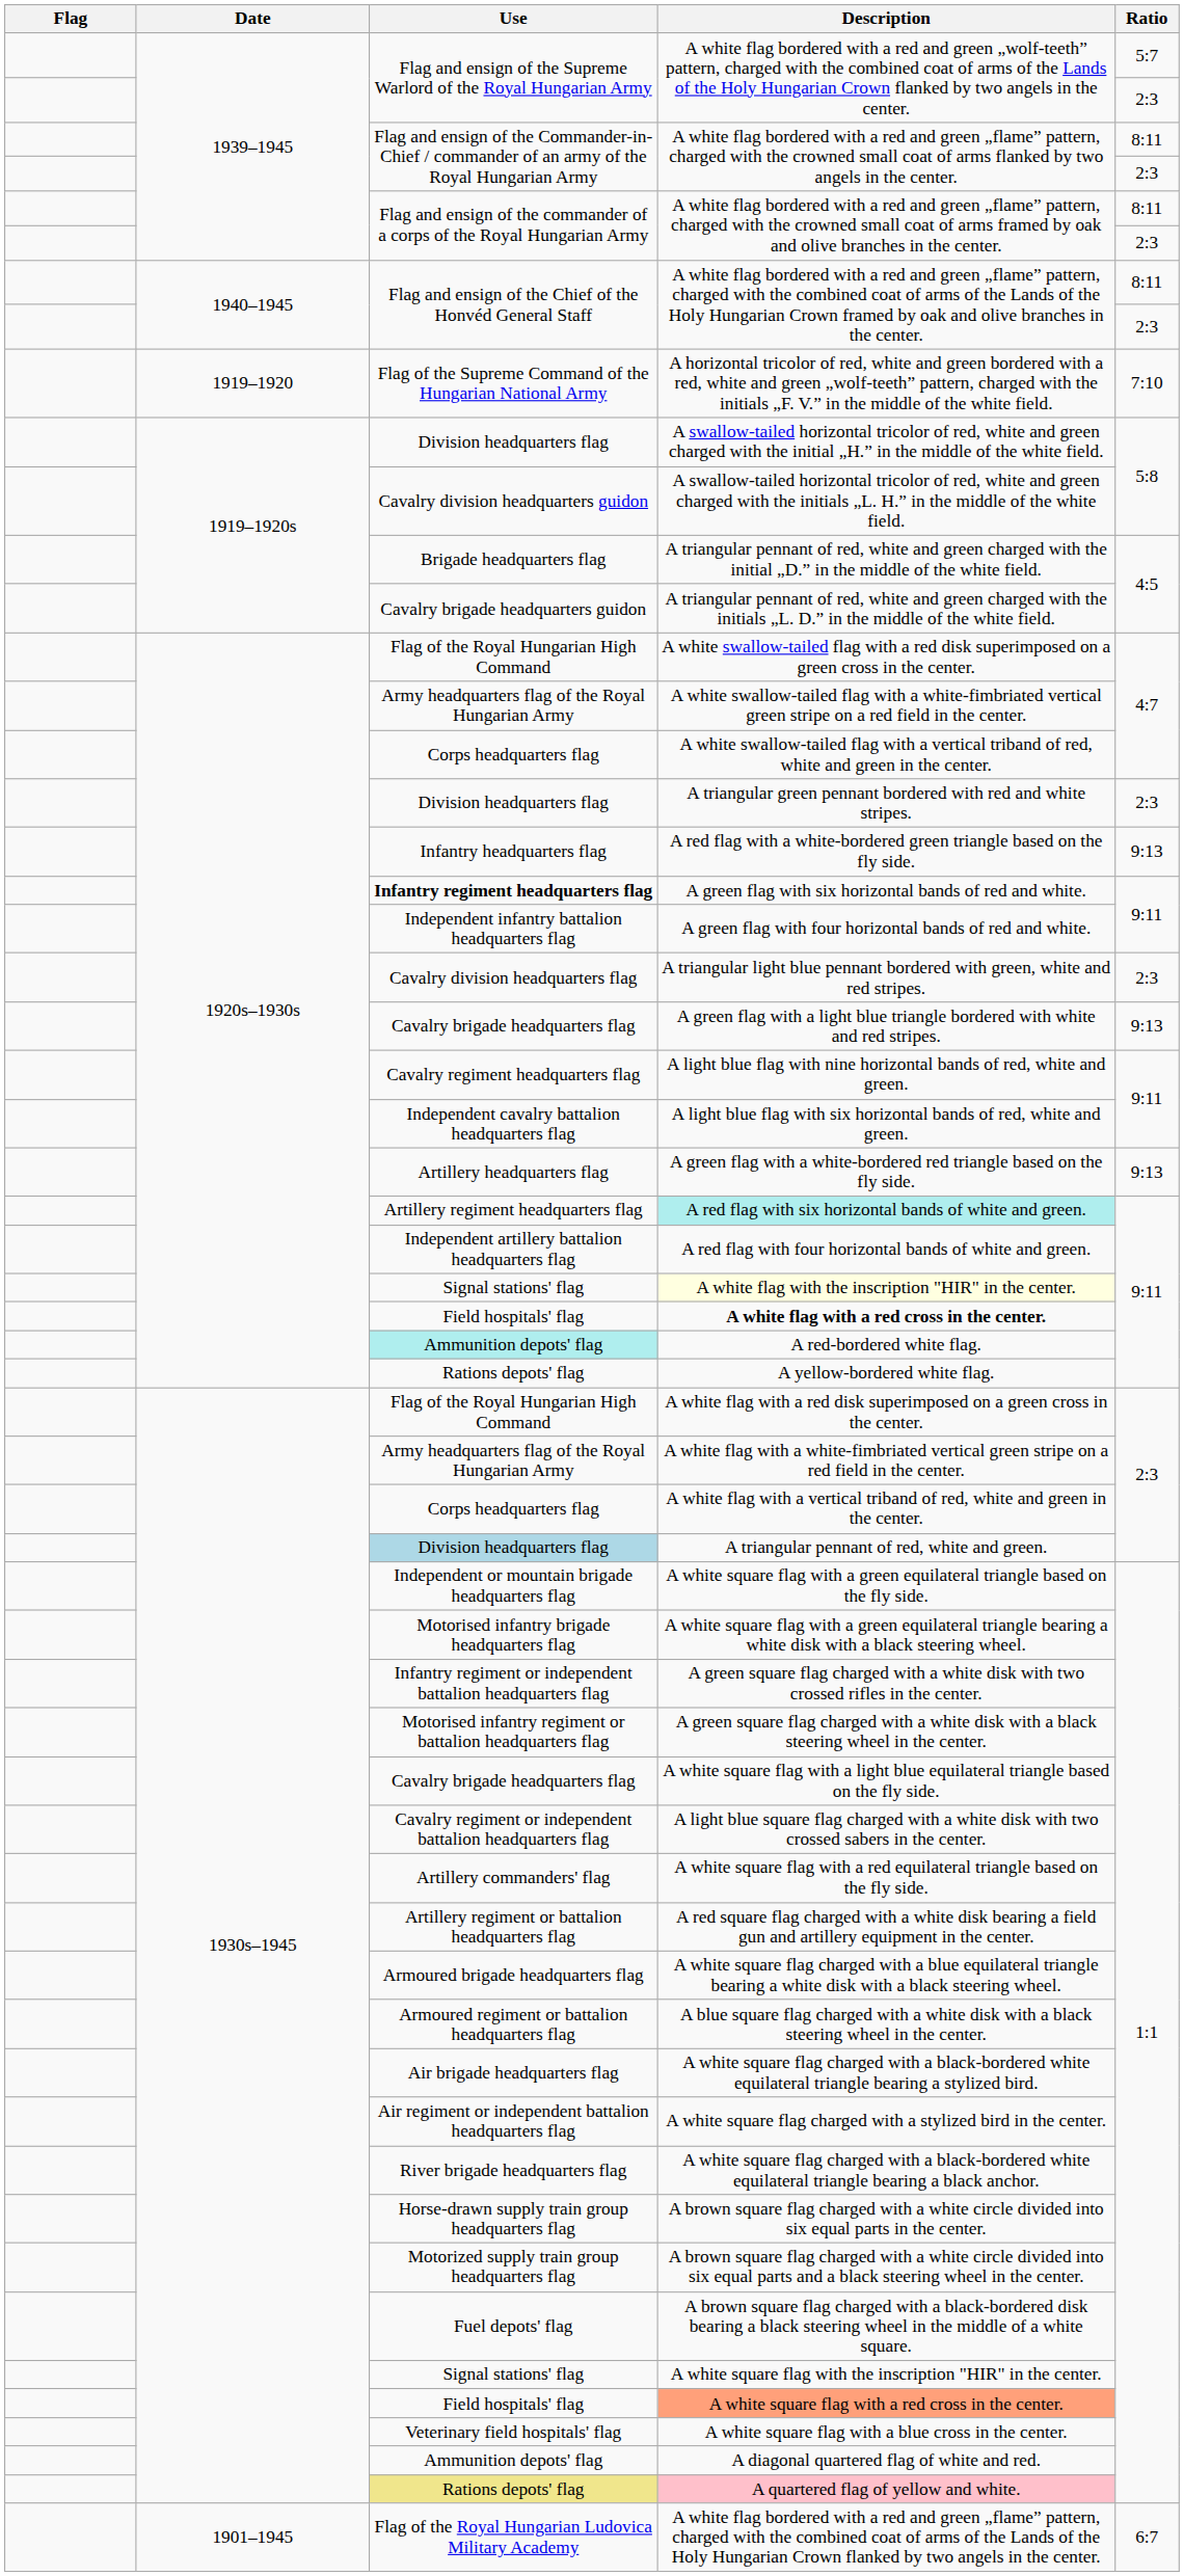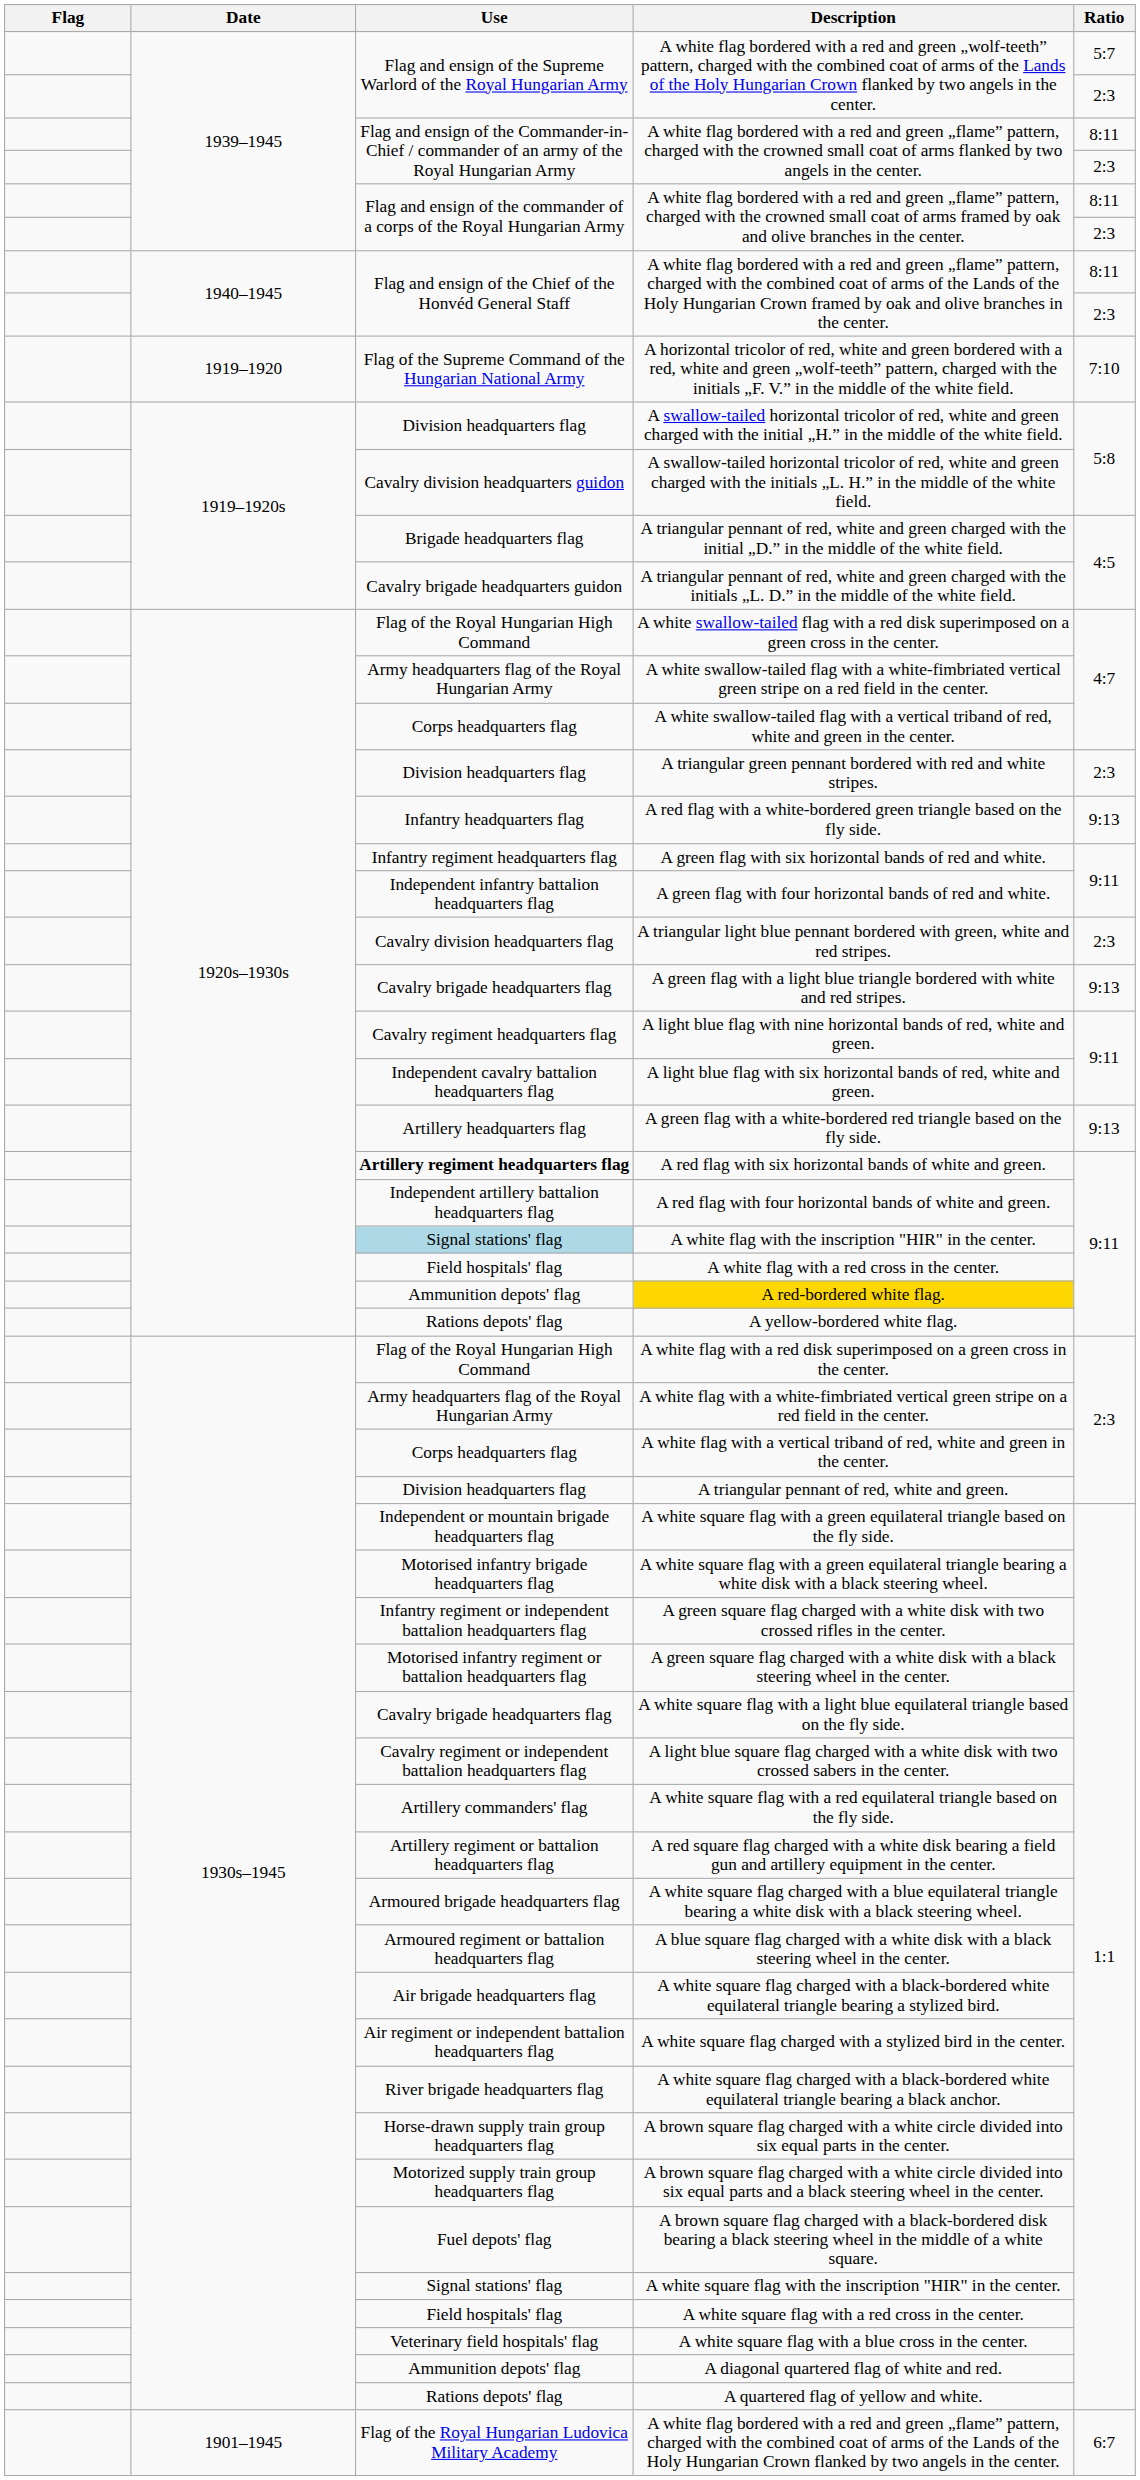 <table class="wikitable" style="text-align:center;">
 <tr>
 <th width="110">Flag</th>
 <th width="200">Date</th>
 <th width="250">Use</th>
 <th width="400">Description</th>
 <th width="50">Ratio</th>
 </tr>
 <tr>
 <td></td>
 <td rowspan="6">1939–1945</td>
 <td rowspan="2">Flag and ensign of the Supreme Warlord of the <a href='#'>Royal Hungarian Army</a></td>
 <td rowspan="2">A white flag bordered with a red and green „wolf-teeth” pattern, charged with the combined coat of arms of the <a href='#'>Lands of the Holy Hungarian Crown</a> flanked by two angels in the center.</td>
 <td>5:7</td>
 </tr>
 <tr>
 <td></td>
 <td>2:3</td>
 </tr>
 <tr>
 <td></td>
 <td rowspan="2">Flag and ensign of the Commander-in-Chief / commander of an army of the Royal Hungarian Army</td>
 <td rowspan="2">A white flag bordered with a red and green „flame” pattern, charged with the crowned small coat of arms flanked by two angels in the center.</td>
 <td>8:11</td>
 </tr>
 <tr>
 <td></td>
 <td>2:3</td>
 </tr>
 <tr>
 <td></td>
 <td rowspan="2">Flag and ensign of the commander of a corps of the Royal Hungarian Army</td>
 <td rowspan="2">A white flag bordered with a red and green „flame” pattern, charged with the crowned small coat of arms framed by oak and olive branches in the center.</td>
 <td>8:11</td>
 </tr>
 <tr>
 <td></td>
 <td>2:3</td>
 </tr>
 <tr>
 <td></td>
 <td rowspan="2">1940–1945</td>
 <td rowspan="2">Flag and ensign of the Chief of the Honvéd General Staff</td>
 <td rowspan="2">A white flag bordered with a red and green „flame” pattern, charged with the combined coat of arms of the Lands of the Holy Hungarian Crown framed by oak and olive branches in the center.</td>
 <td>8:11</td>
 </tr>
 <tr>
 <td></td>
 <td>2:3</td>
 </tr>
 <tr>
 <td></td>
 <td>1919–1920</td>
 <td>Flag of the Supreme Command of the <a href='#'>Hungarian National Army</a></td>
 <td>A horizontal tricolor of red, white and green bordered with a red, white and green „wolf-teeth” pattern, charged with the initials „F. V.” in the middle of the white field.</td>
 <td>7:10</td>
 </tr>
 <tr>
 <td></td>
 <td rowspan="4">1919–1920s</td>
 <td>Division headquarters flag</td>
 <td>A <a href='#'>swallow-tailed</a> horizontal tricolor of red, white and green charged with the initial „H.” in the middle of the white field.</td>
 <td rowspan="2">5:8</td>
 </tr>
 <tr>
 <td></td>
 <td>Cavalry division headquarters <a href='#'>guidon</a></td>
 <td>A swallow-tailed horizontal tricolor of red, white and green charged with the initials „L. H.” in the middle of the white field.</td>
 </tr>
 <tr>
 <td></td>
 <td>Brigade headquarters flag</td>
 <td>A triangular pennant of red, white and green charged with the initial „D.” in the middle of the white field.</td>
 <td rowspan="2">4:5</td>
 </tr>
 <tr>
 <td></td>
 <td>Cavalry brigade headquarters guidon</td>
 <td>A triangular pennant of red, white and green charged with the initials „L. D.” in the middle of the white field.</td>
 </tr>
 <tr>
 <td></td>
 <td rowspan="18">1920s–1930s</td>
 <td>Flag of the Royal Hungarian High Command</td>
 <td>A white <a href='#'>swallow-tailed</a> flag with a red disk superimposed on a green cross in the center.</td>
 <td rowspan="3">4:7</td>
 </tr>
 <tr>
 <td></td>
 <td>Army headquarters flag of the Royal Hungarian Army</td>
 <td>A white swallow-tailed flag with a white-fimbriated vertical green stripe on a red field in the center.</td>
 </tr>
 <tr>
 <td></td>
 <td>Corps headquarters flag</td>
 <td>A white swallow-tailed flag with a vertical triband of red, white and green in the center.</td>
 </tr>
 <tr>
 <td></td>
 <td>Division headquarters flag</td>
 <td>A triangular green pennant bordered with red and white stripes.</td>
 <td> 2:3</td>
 </tr>
 <tr>
 <td></td>
 <td>Infantry headquarters flag</td>
 <td>A red flag with a white-bordered green triangle based on the fly side.</td>
 <td>9:13</td>
 </tr>
 <tr>
 <td></td>
-<td><strong>Infantry regiment headquarters flag</strong></td>
+<td>Infantry regiment headquarters flag</td>
 <td>A green flag with six horizontal bands of red and white.</td>
 <td rowspan="2">9:11</td>
 </tr>
 <tr>
 <td></td>
 <td>Independent infantry battalion headquarters flag</td>
 <td>A green flag with four horizontal bands of red and white.</td>
 </tr>
 <tr>
 <td></td>
 <td>Cavalry division headquarters flag</td>
 <td>A triangular light blue pennant bordered with green, white and red stripes.</td>
 <td> 2:3</td>
 </tr>
 <tr>
 <td></td>
 <td>Cavalry brigade headquarters flag</td>
 <td>A green flag with a light blue triangle bordered with white and red stripes.</td>
 <td>9:13</td>
 </tr>
 <tr>
 <td></td>
 <td>Cavalry regiment headquarters flag</td>
 <td>A light blue flag with nine horizontal bands of red, white and green.</td>
 <td rowspan="2">9:11</td>
 </tr>
 <tr>
 <td></td>
 <td>Independent cavalry battalion headquarters flag</td>
 <td>A light blue flag with six horizontal bands of red, white and green.</td>
 </tr>
 <tr>
 <td></td>
 <td>Artillery headquarters flag</td>
 <td>A green flag with a white-bordered red triangle based on the fly side.</td>
 <td>9:13</td>
 </tr>
 <tr>
 <td></td>
-<td>Artillery regiment headquarters flag</td>
-<td style="background: paleturquoise;">A red flag with six horizontal bands of white and green.</td>
+<td><strong>Artillery regiment headquarters flag</strong></td>
+<td>A red flag with six horizontal bands of white and green.</td>
 <td rowspan="6">9:11</td>
 </tr>
 <tr>
 <td></td>
 <td>Independent artillery battalion headquarters flag</td>
 <td>A red flag with four horizontal bands of white and green.</td>
 </tr>
 <tr>
 <td></td>
-<td>Signal stations' flag</td>
-<td style="background: lightyellow;">A white flag with the inscription "HIR" in the center.</td>
+<td style="background: lightblue;">Signal stations' flag</td>
+<td>A white flag with the inscription "HIR" in the center.</td>
 </tr>
 <tr>
 <td></td>
 <td>Field hospitals' flag</td>
-<td><strong>A white flag with a red cross in the center.</strong></td>
+<td>A white flag with a red cross in the center.</td>
 </tr>
 <tr>
 <td></td>
-<td style="background: paleturquoise;">Ammunition depots' flag</td>
-<td>A red-bordered white flag.</td>
+<td>Ammunition depots' flag</td>
+<td style="background: gold;">A red-bordered white flag.</td>
 </tr>
 <tr>
 <td></td>
 <td>Rations depots' flag</td>
 <td>A yellow-bordered white flag.</td>
 </tr>
 <tr>
 <td></td>
 <td rowspan="25">1930s–1945</td>
 <td>Flag of the Royal Hungarian High Command</td>
 <td>A white flag with a red disk superimposed on a green cross in the center.</td>
 <td rowspan="4">2:3</td>
 </tr>
 <tr>
 <td></td>
 <td>Army headquarters flag of the Royal Hungarian Army</td>
 <td>A white flag with a white-fimbriated vertical green stripe on a red field in the center.</td>
 </tr>
 <tr>
 <td></td>
 <td>Corps headquarters flag</td>
 <td>A white flag with a vertical triband of red, white and green in the center.</td>
 </tr>
 <tr>
 <td></td>
-<td style="background: lightblue;">Division headquarters flag</td>
+<td>Division headquarters flag</td>
 <td>A triangular pennant of red, white and green.</td>
 </tr>
 <tr>
 <td></td>
 <td>Independent or mountain brigade headquarters flag</td>
 <td>A white square flag with a green equilateral triangle based on the fly side.</td>
 <td rowspan="21">1:1</td>
 </tr>
 <tr>
 <td></td>
 <td>Motorised infantry brigade headquarters flag</td>
 <td>A white square flag with a green equilateral triangle bearing a white disk with a black steering wheel.</td>
 </tr>
 <tr>
 <td></td>
 <td>Infantry regiment or independent battalion headquarters flag</td>
 <td>A green square flag charged with a white disk with two crossed rifles in the center.</td>
 </tr>
 <tr>
 <td></td>
 <td>Motorised infantry regiment or battalion headquarters flag</td>
 <td>A green square flag charged with a white disk with a black steering wheel in the center.</td>
 </tr>
 <tr>
 <td></td>
 <td>Cavalry brigade headquarters flag</td>
 <td>A white square flag with a light blue equilateral triangle based on the fly side.</td>
 </tr>
 <tr>
 <td></td>
 <td>Cavalry regiment or independent battalion headquarters flag</td>
 <td>A light blue square flag charged with a white disk with two crossed sabers in the center.</td>
 </tr>
 <tr>
 <td></td>
 <td>Artillery commanders' flag</td>
 <td>A white square flag with a red equilateral triangle based on the fly side.</td>
 </tr>
 <tr>
 <td></td>
 <td>Artillery regiment or battalion headquarters flag</td>
 <td>A red square flag charged with a white disk bearing a field gun and artillery equipment in the center.</td>
 </tr>
 <tr>
 <td></td>
 <td>Armoured brigade headquarters flag</td>
 <td>A white square flag charged with a blue equilateral triangle bearing a white disk with a black steering wheel.</td>
 </tr>
 <tr>
 <td></td>
 <td>Armoured regiment or battalion headquarters flag</td>
 <td>A blue square flag charged with a white disk with a black steering wheel in the center.</td>
 </tr>
 <tr>
 <td></td>
 <td>Air brigade headquarters flag</td>
 <td>A white square flag charged with a black-bordered white equilateral triangle bearing a stylized bird.</td>
 </tr>
 <tr>
 <td></td>
 <td>Air regiment or independent battalion headquarters flag</td>
 <td>A white square flag charged with a stylized bird in the center.</td>
 </tr>
 <tr>
 <td></td>
 <td>River brigade headquarters flag</td>
 <td>A white square flag charged with a black-bordered white equilateral triangle bearing a black anchor.</td>
 </tr>
 <tr>
 <td></td>
 <td>Horse-drawn supply train group headquarters flag</td>
 <td>A brown square flag charged with a white circle divided into six equal parts in the center.</td>
 </tr>
 <tr>
 <td></td>
 <td>Motorized supply train group headquarters flag</td>
 <td>A brown square flag charged with a white circle divided into six equal parts and a black steering wheel in the center.</td>
 </tr>
 <tr>
 <td></td>
 <td>Fuel depots' flag</td>
 <td>A brown square flag charged with a black-bordered disk bearing a black steering wheel in the middle of a white square.</td>
 </tr>
 <tr>
 <td></td>
 <td>Signal stations' flag</td>
 <td>A white square flag with the inscription "HIR" in the center.</td>
 </tr>
 <tr>
 <td></td>
 <td>Field hospitals' flag</td>
-<td style="background: lightsalmon;">A white square flag with a red cross in the center.</td>
+<td>A white square flag with a red cross in the center.</td>
 </tr>
 <tr>
 <td></td>
 <td>Veterinary field hospitals' flag</td>
 <td>A white square flag with a blue cross in the center.</td>
 </tr>
 <tr>
 <td></td>
 <td>Ammunition depots' flag</td>
 <td>A diagonal quartered flag of white and red.</td>
 </tr>
 <tr>
 <td></td>
-<td style="background: khaki;">Rations depots' flag</td>
-<td style="background: pink;">A quartered flag of yellow and white.</td>
+<td>Rations depots' flag</td>
+<td>A quartered flag of yellow and white.</td>
 </tr>
 <tr>
 <td></td>
 <td>1901–1945</td>
 <td>Flag of the <a href='#'>Royal Hungarian Ludovica Military Academy</a></td>
 <td>A white flag bordered with a red and green „flame” pattern, charged with the combined coat of arms of the Lands of the Holy Hungarian Crown flanked by two angels in the center.</td>
 <td> 6:7</td>
 </tr>
 <tr>
 </tr>
 </table>
